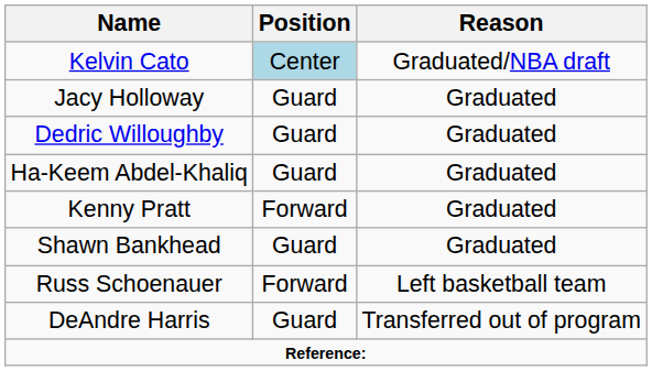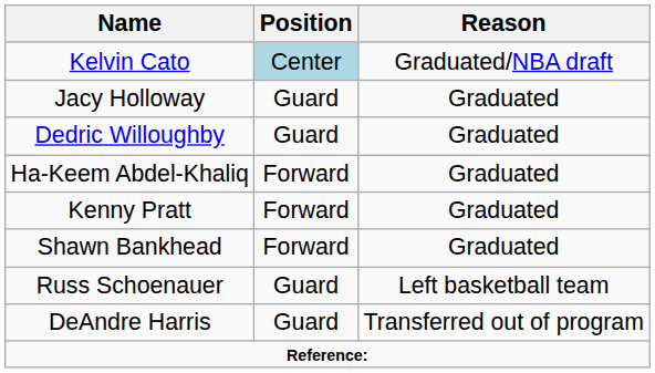 <table class="wikitable" style="text-align: center">
 <tr align=center>
 <th>Name</th>
 <th>Position</th>
 <th>Reason</th>
 </tr>
 <tr>
 <td><a href='#'>Kelvin Cato</a></td>
 <td style="background: lightblue;">Center</td>
 <td>Graduated/<a href='#'>NBA draft</a></td>
 </tr>
 <tr>
 <td>Jacy Holloway</td>
 <td>Guard</td>
 <td>Graduated</td>
 </tr>
 <tr>
 <td><a href='#'>Dedric Willoughby</a></td>
 <td>Guard</td>
 <td>Graduated</td>
 </tr>
 <tr>
 <td>Ha-Keem Abdel-Khaliq</td>
-<td>Guard</td>
+<td>Forward</td>
 <td>Graduated</td>
 </tr>
 <tr>
 <td>Kenny Pratt</td>
 <td>Forward</td>
 <td>Graduated</td>
 </tr>
 <tr>
 <td>Shawn Bankhead</td>
-<td>Guard</td>
+<td>Forward</td>
 <td>Graduated</td>
 </tr>
 <tr>
 <td>Russ Schoenauer</td>
-<td>Forward</td>
+<td>Guard</td>
 <td>Left basketball team</td>
 </tr>
 <tr>
 <td>DeAndre Harris</td>
 <td>Guard</td>
 <td>Transferred out of program</td>
 </tr>
 <tr>
 <td colspan="6"  style="font-size:8pt; text-align:center;"><strong>Reference:</strong></td>
 </tr>
 </table>
